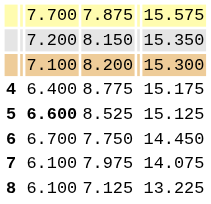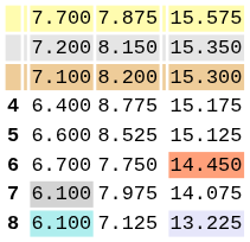 <table>
 <tr bgcolor=fffcaf>
 <td></td>
 <td align=left></td>
 <td>7.700</td>
 <td>7.875</td>
 <td></td>
 <td>15.575</td>
 </tr>
 <tr bgcolor=e5e5e5>
 <td></td>
 <td align=left></td>
 <td>7.200</td>
 <td>8.150</td>
 <td></td>
 <td>15.350</td>
 </tr>
 <tr bgcolor=eecc99>
 <td></td>
 <td align=left></td>
 <td>7.100</td>
 <td>8.200</td>
 <td></td>
 <td>15.300</td>
 </tr>
 <tr>
 <th>4</th>
 <td align=left></td>
 <td>6.400</td>
 <td>8.775</td>
 <td></td>
 <td>15.175</td>
 </tr>
 <tr>
 <th>5</th>
 <td align=left></td>
-<td><strong>6.600</strong></td>
+<td>6.600</td>
 <td>8.525</td>
 <td></td>
 <td>15.125</td>
 </tr>
 <tr>
 <th>6</th>
 <td align=left></td>
 <td>6.700</td>
 <td>7.750</td>
 <td></td>
-<td>14.450</td>
+<td style="background: lightsalmon;">14.450</td>
 </tr>
 <tr>
 <th>7</th>
 <td align=left></td>
-<td>6.100</td>
+<td style="background: lightgrey;">6.100</td>
 <td>7.975</td>
 <td></td>
 <td>14.075</td>
 </tr>
 <tr>
 <th>8</th>
 <td align=left></td>
-<td>6.100</td>
+<td style="background: paleturquoise;">6.100</td>
 <td>7.125</td>
 <td></td>
-<td>13.225</td>
+<td style="background: lavender;">13.225</td>
 </tr>
 <tr>
 </tr>
 </table>
